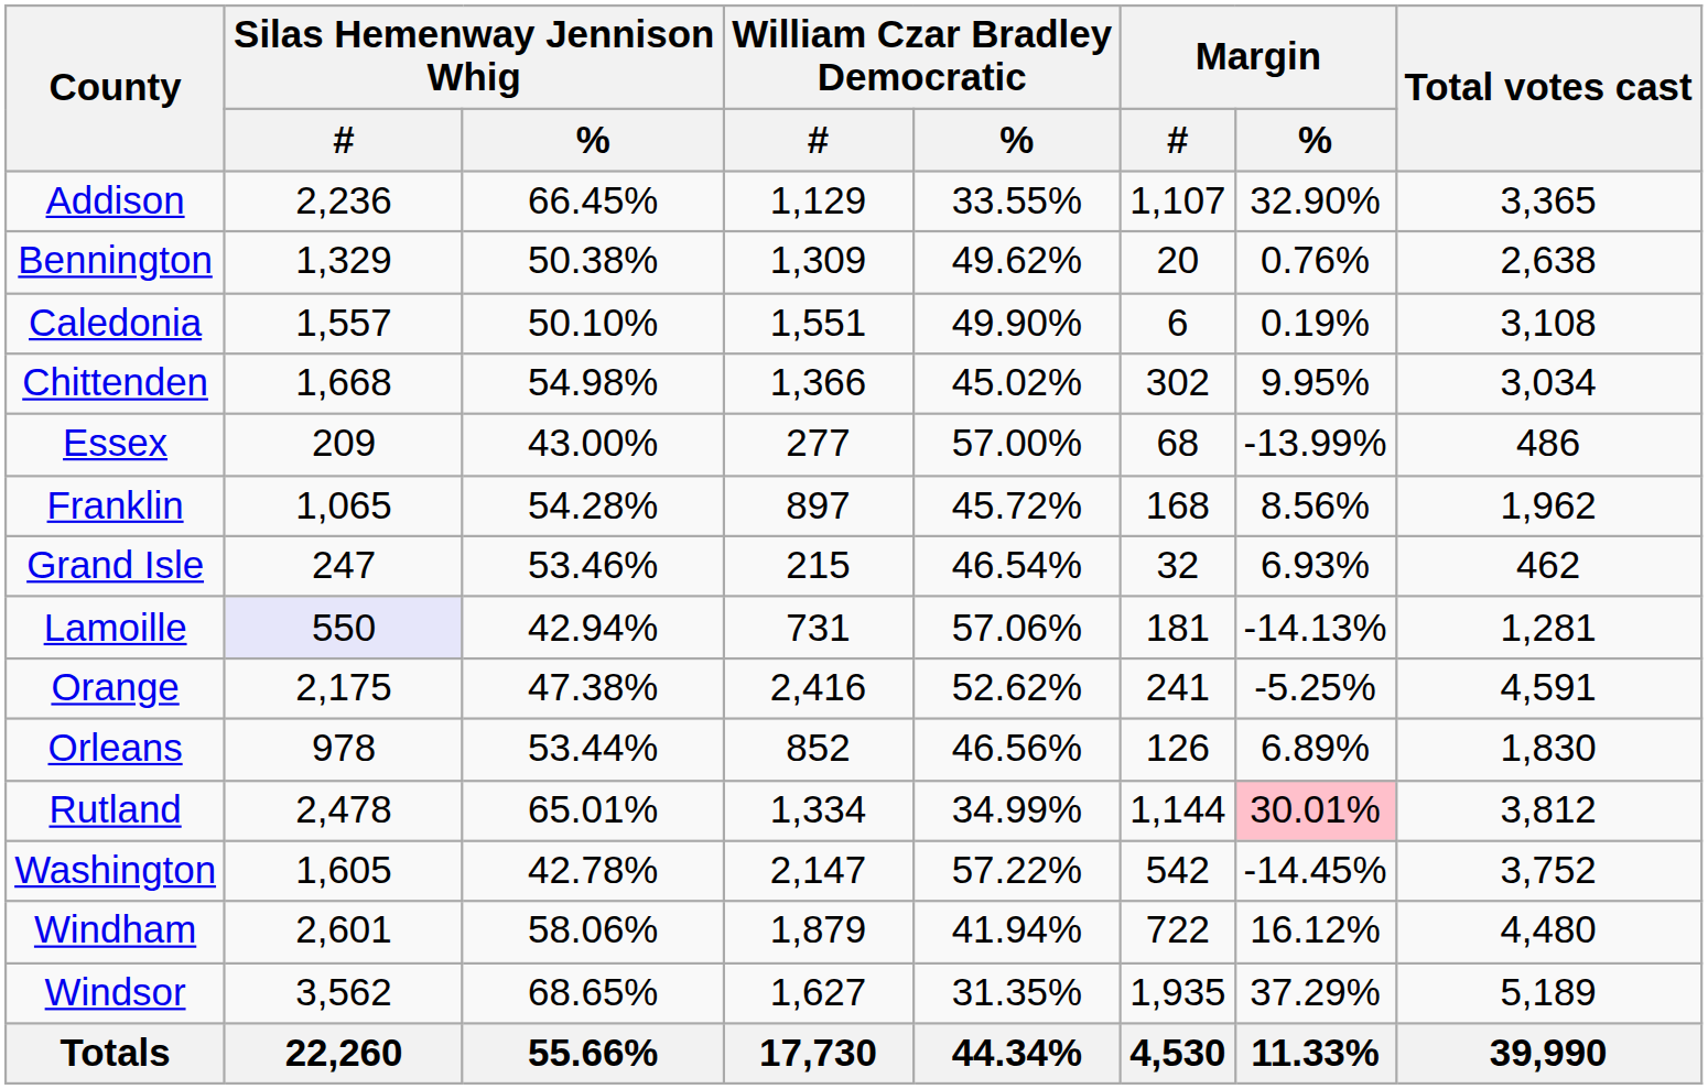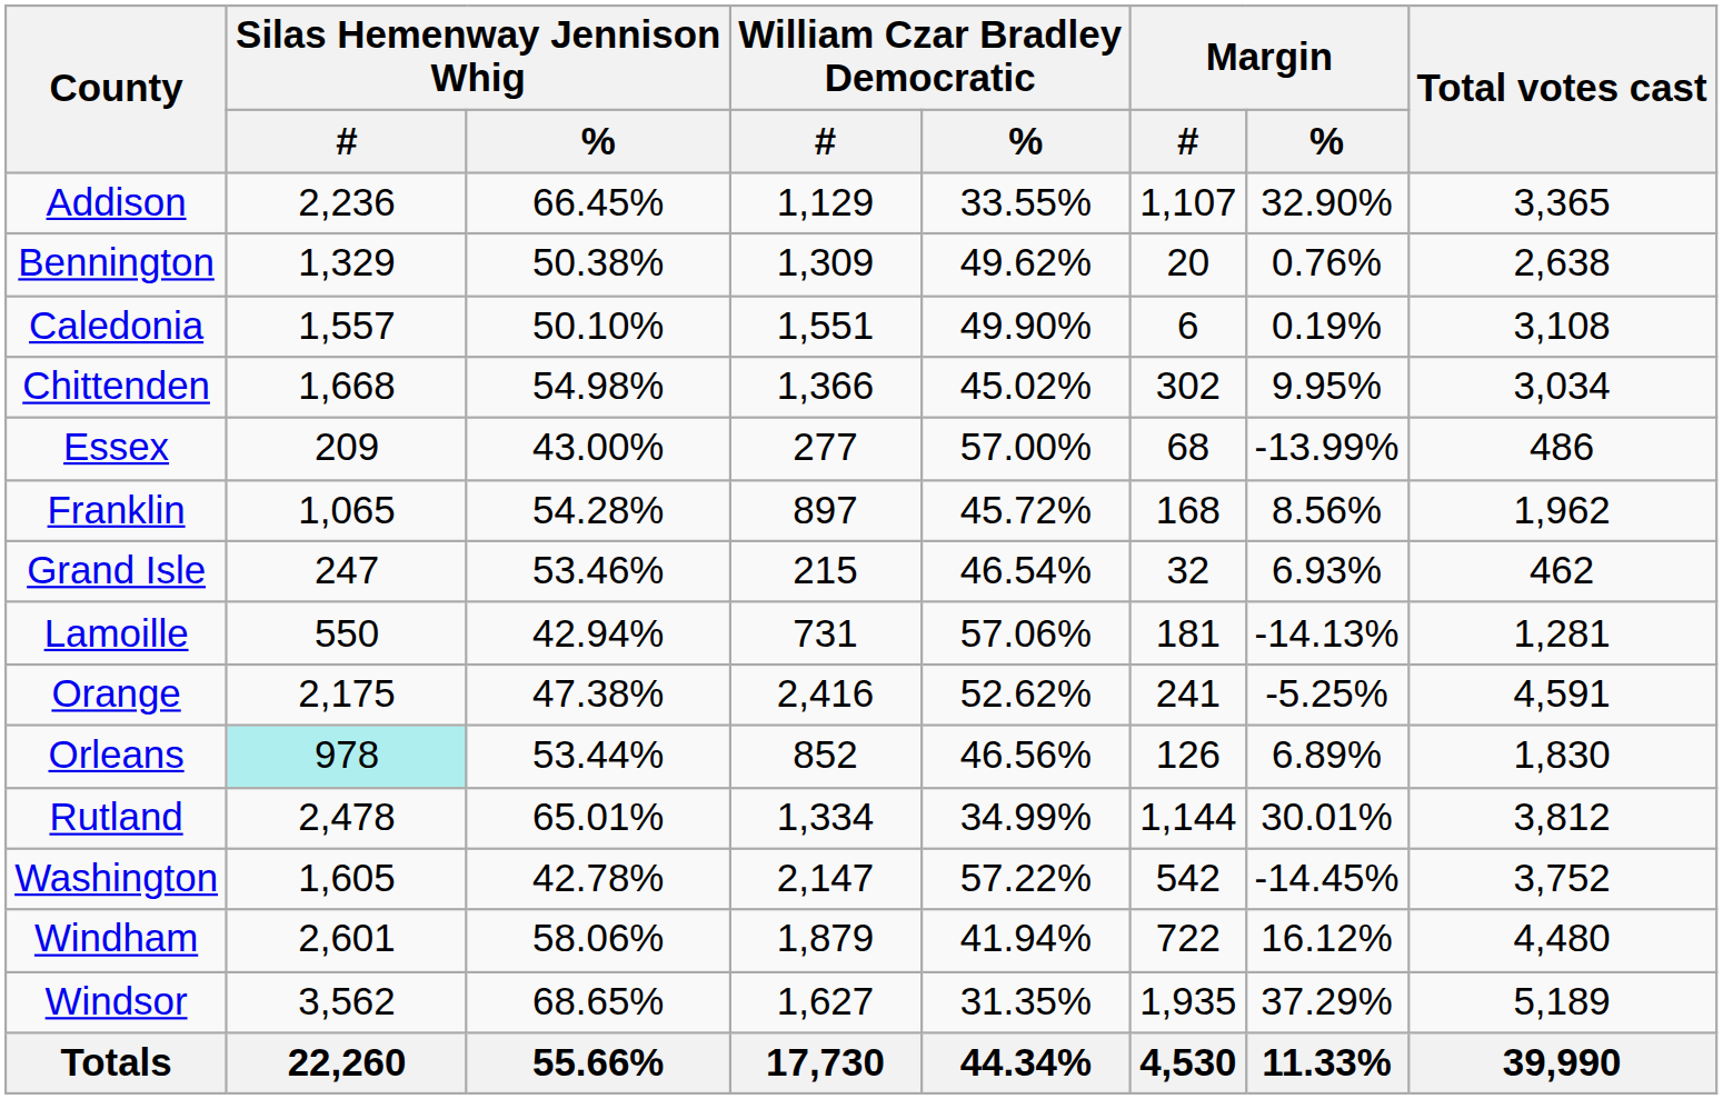 <table class="wikitable sortable" style="text-align:center">
 <tr>
 <th style="text-align:center;" rowspan="2">County</th>
 <th style="text-align:center;" colspan="2">Silas Hemenway Jennison<br>Whig</th>
 <th style="text-align:center;" colspan="2">William Czar Bradley<br>Democratic</th>
 <th style="text-align:center;" colspan="2">Margin</th>
 <th style="text-align:center;" rowspan="2">Total votes cast</th>
 </tr>
 <tr>
 <th data-sort-type="number">#</th>
 <th data-sort-type="number">%</th>
 <th data-sort-type="number">#</th>
 <th data-sort-type="number">%</th>
 <th data-sort-type="number">#</th>
 <th data-sort-type="number">%</th>
 </tr>
 <tr style="text-align:center;">
 <td><a href='#'>Addison</a></td>
 <td>2,236</td>
 <td>66.45%</td>
 <td>1,129</td>
 <td>33.55%</td>
 <td>1,107</td>
 <td>32.90%</td>
 <td>3,365</td>
 </tr>
 <tr style="text-align:center;">
 <td><a href='#'>Bennington</a></td>
 <td>1,329</td>
 <td>50.38%</td>
 <td>1,309</td>
 <td>49.62%</td>
 <td>20</td>
 <td>0.76%</td>
 <td>2,638</td>
 </tr>
 <tr style="text-align:center;">
 <td><a href='#'>Caledonia</a></td>
 <td>1,557</td>
 <td>50.10%</td>
 <td>1,551</td>
 <td>49.90%</td>
 <td>6</td>
 <td>0.19%</td>
 <td>3,108</td>
 </tr>
 <tr style="text-align:center;">
 <td><a href='#'>Chittenden</a></td>
 <td>1,668</td>
 <td>54.98%</td>
 <td>1,366</td>
 <td>45.02%</td>
 <td>302</td>
 <td>9.95%</td>
 <td>3,034</td>
 </tr>
 <tr style="text-align:center;">
 <td><a href='#'>Essex</a></td>
 <td>209</td>
 <td>43.00%</td>
 <td>277</td>
 <td>57.00%</td>
 <td>68</td>
 <td>-13.99%</td>
 <td>486</td>
 </tr>
 <tr style="text-align:center;">
 <td><a href='#'>Franklin</a></td>
 <td>1,065</td>
 <td>54.28%</td>
 <td>897</td>
 <td>45.72%</td>
 <td>168</td>
 <td>8.56%</td>
 <td>1,962</td>
 </tr>
 <tr style="text-align:center;">
 <td><a href='#'>Grand Isle</a></td>
 <td>247</td>
 <td>53.46%</td>
 <td>215</td>
 <td>46.54%</td>
 <td>32</td>
 <td>6.93%</td>
 <td>462</td>
 </tr>
 <tr style="text-align:center;">
 <td><a href='#'>Lamoille</a></td>
-<td style="background: lavender;">550</td>
+<td>550</td>
 <td>42.94%</td>
 <td>731</td>
 <td>57.06%</td>
 <td>181</td>
 <td>-14.13%</td>
 <td>1,281</td>
 </tr>
 <tr style="text-align:center;">
 <td><a href='#'>Orange</a></td>
 <td>2,175</td>
 <td>47.38%</td>
 <td>2,416</td>
 <td>52.62%</td>
 <td>241</td>
 <td>-5.25%</td>
 <td>4,591</td>
 </tr>
 <tr style="text-align:center;">
 <td><a href='#'>Orleans</a></td>
-<td>978</td>
+<td style="background: paleturquoise;">978</td>
 <td>53.44%</td>
 <td>852</td>
 <td>46.56%</td>
 <td>126</td>
 <td>6.89%</td>
 <td>1,830</td>
 </tr>
 <tr style="text-align:center;">
 <td><a href='#'>Rutland</a></td>
 <td>2,478</td>
 <td>65.01%</td>
 <td>1,334</td>
 <td>34.99%</td>
 <td>1,144</td>
-<td style="background: pink;">30.01%</td>
+<td>30.01%</td>
 <td>3,812</td>
 </tr>
 <tr style="text-align:center;">
 <td><a href='#'>Washington</a></td>
 <td>1,605</td>
 <td>42.78%</td>
 <td>2,147</td>
 <td>57.22%</td>
 <td>542</td>
 <td>-14.45%</td>
 <td>3,752</td>
 </tr>
 <tr style="text-align:center;">
 <td><a href='#'>Windham</a></td>
 <td>2,601</td>
 <td>58.06%</td>
 <td>1,879</td>
 <td>41.94%</td>
 <td>722</td>
 <td>16.12%</td>
 <td>4,480</td>
 </tr>
 <tr style="text-align:center;">
 <td><a href='#'>Windsor</a></td>
 <td>3,562</td>
 <td>68.65%</td>
 <td>1,627</td>
 <td>31.35%</td>
 <td>1,935</td>
 <td>37.29%</td>
 <td>5,189</td>
 </tr>
 <tr style="text-align:center;">
 <th>Totals</th>
 <th>22,260</th>
 <th>55.66%</th>
 <th>17,730</th>
 <th>44.34%</th>
 <th>4,530</th>
 <th>11.33%</th>
 <th>39,990</th>
 </tr>
 </table>
